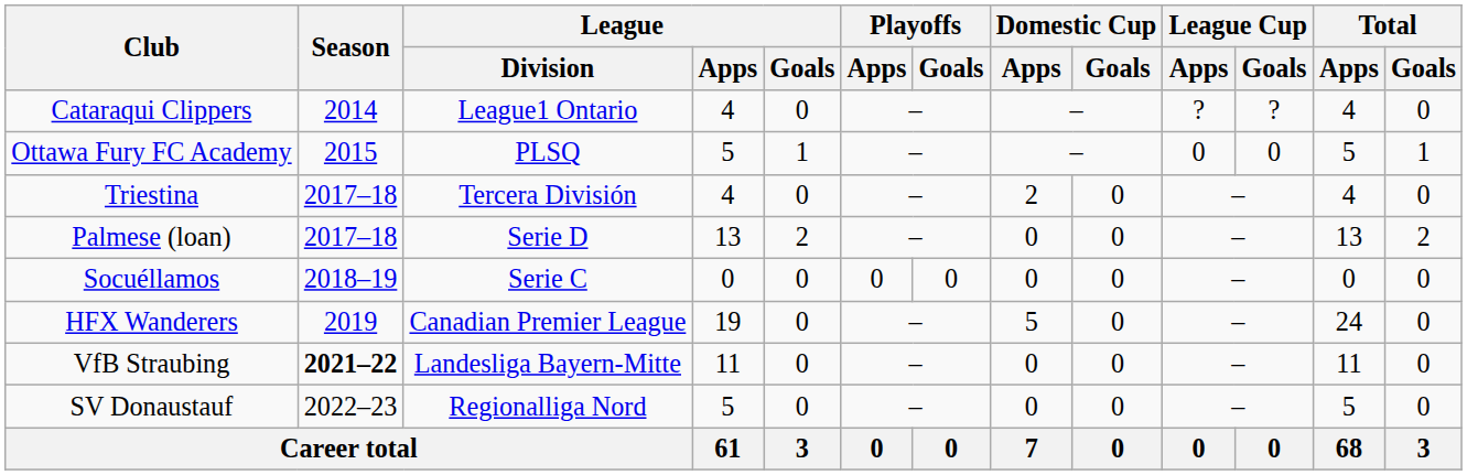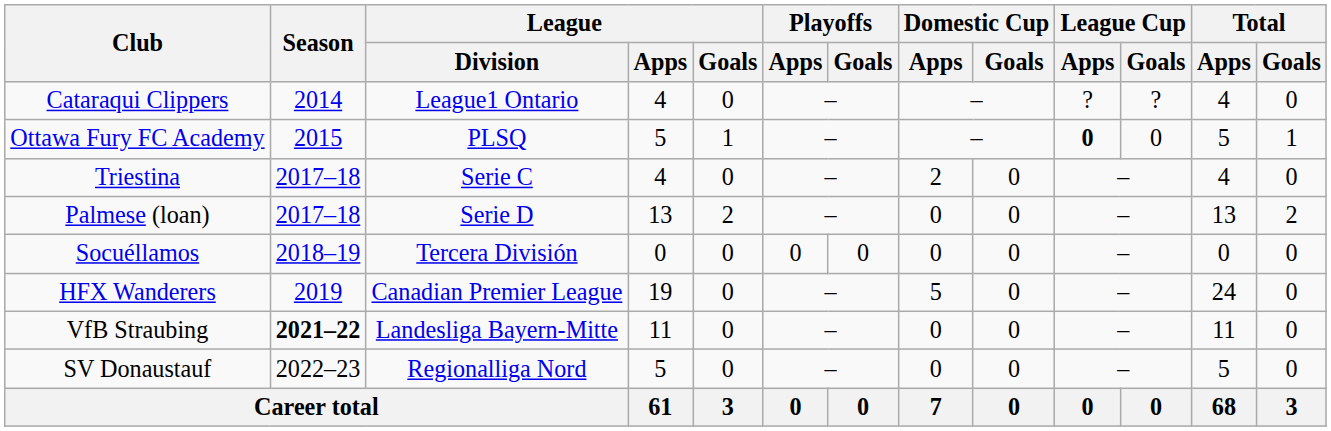 <table class="wikitable" style="text-align: center">
 <tr>
 <th rowspan="2">Club</th>
 <th rowspan="2">Season</th>
 <th colspan="3">League</th>
 <th colspan="2">Playoffs</th>
 <th colspan="2">Domestic Cup</th>
 <th colspan="2">League Cup</th>
 <th colspan="2">Total</th>
 </tr>
 <tr>
 <th>Division</th>
 <th>Apps</th>
 <th>Goals</th>
 <th>Apps</th>
 <th>Goals</th>
 <th>Apps</th>
 <th>Goals</th>
 <th>Apps</th>
 <th>Goals</th>
 <th>Apps</th>
 <th>Goals</th>
 </tr>
 <tr>
 <td><a href='#'>Cataraqui Clippers</a></td>
 <td><a href='#'>2014</a></td>
 <td><a href='#'>League1 Ontario</a></td>
 <td>4</td>
 <td>0</td>
 <td colspan="2">–</td>
 <td colspan="2">–</td>
 <td>?</td>
 <td>?</td>
 <td>4</td>
 <td>0</td>
 </tr>
 <tr>
 <td><a href='#'>Ottawa Fury FC Academy</a></td>
 <td><a href='#'>2015</a></td>
 <td><a href='#'>PLSQ</a></td>
 <td>5</td>
 <td>1</td>
 <td colspan="2">–</td>
 <td colspan="2">–</td>
-<td>0</td>
+<td><strong>0</strong></td>
 <td>0</td>
 <td>5</td>
 <td>1</td>
 </tr>
 <tr>
 <td><a href='#'>Triestina</a></td>
 <td><a href='#'>2017–18</a></td>
-<td><a href='#'>Tercera División</a></td>
+<td><a href='#'>Serie C</a></td>
 <td>4</td>
 <td>0</td>
 <td colspan="2">–</td>
 <td>2</td>
 <td>0</td>
 <td colspan="2">–</td>
 <td>4</td>
 <td>0</td>
 </tr>
 <tr>
 <td><a href='#'>Palmese</a> (loan)</td>
 <td><a href='#'>2017–18</a></td>
 <td><a href='#'>Serie D</a></td>
 <td>13</td>
 <td>2</td>
 <td colspan="2">–</td>
 <td>0</td>
 <td>0</td>
 <td colspan="2">–</td>
 <td>13</td>
 <td>2</td>
 </tr>
 <tr>
 <td><a href='#'>Socuéllamos</a></td>
 <td><a href='#'>2018–19</a></td>
-<td><a href='#'>Serie C</a></td>
+<td><a href='#'>Tercera División</a></td>
 <td>0</td>
 <td>0</td>
 <td>0</td>
 <td>0</td>
 <td>0</td>
 <td>0</td>
 <td colspan="2">–</td>
 <td>0</td>
 <td>0</td>
 </tr>
 <tr>
 <td><a href='#'>HFX Wanderers</a></td>
 <td><a href='#'>2019</a></td>
 <td><a href='#'>Canadian Premier League</a></td>
 <td>19</td>
 <td>0</td>
 <td colspan="2">–</td>
 <td>5</td>
 <td>0</td>
 <td colspan="2">–</td>
 <td>24</td>
 <td>0</td>
 </tr>
 <tr>
 <td>VfB Straubing</td>
 <td><strong>2021–22</strong></td>
 <td><a href='#'>Landesliga Bayern-Mitte</a></td>
 <td>11</td>
 <td>0</td>
 <td colspan="2">–</td>
 <td>0</td>
 <td>0</td>
 <td colspan="2">–</td>
 <td>11</td>
 <td>0</td>
 </tr>
 <tr>
 <td>SV Donaustauf</td>
 <td>2022–23</td>
 <td><a href='#'>Regionalliga Nord</a></td>
 <td>5</td>
 <td>0</td>
 <td colspan="2">–</td>
 <td>0</td>
 <td>0</td>
 <td colspan="2">–</td>
 <td>5</td>
 <td>0</td>
 </tr>
 <tr>
 <th colspan="3"><strong>Career total</strong></th>
 <th>61</th>
 <th>3</th>
 <th>0</th>
 <th>0</th>
 <th>7</th>
 <th>0</th>
 <th>0</th>
 <th>0</th>
 <th>68</th>
 <th>3</th>
 </tr>
 </table>
